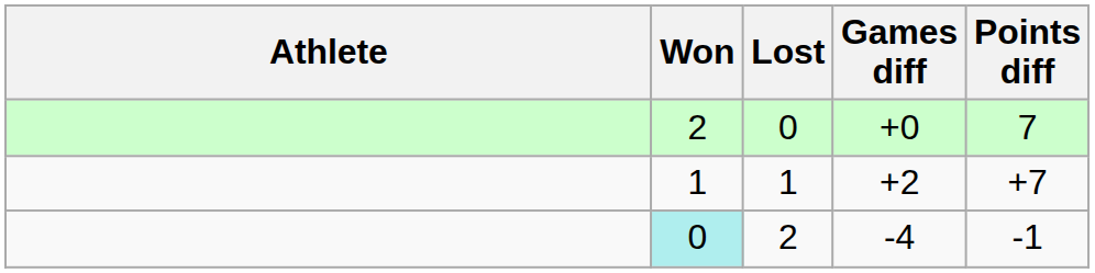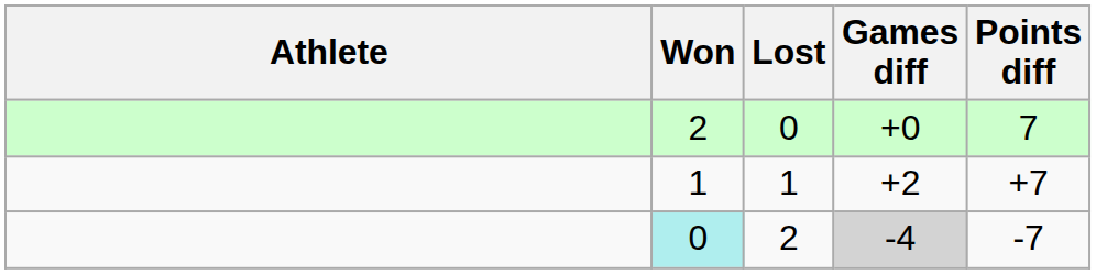 <table class="wikitable">
 <tr>
 <th style="width:18em">Athlete</th>
 <th>Won</th>
 <th>Lost</th>
 <th>Games<br>diff</th>
 <th>Points<br>diff</th>
 </tr>
 <tr bgcolor="#ccffcc">
 <td></td>
 <td align="center">2</td>
 <td align="center">0</td>
 <td align="center">+0</td>
 <td align="center">7</td>
 </tr>
 <tr>
 <td></td>
 <td align="center">1</td>
 <td align="center">1</td>
 <td align="center">+2</td>
 <td align="center">+7</td>
 </tr>
 <tr>
 <td></td>
 <td align="center" style="background: paleturquoise;">0</td>
 <td align="center">2</td>
-<td align="center">-4</td>
-<td align="center">-1</td>
+<td align="center" style="background: lightgrey;">-4</td>
+<td align="center">-7</td>
 </tr>
 </table>
